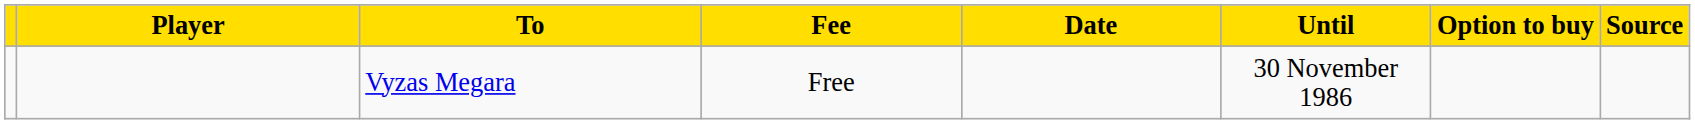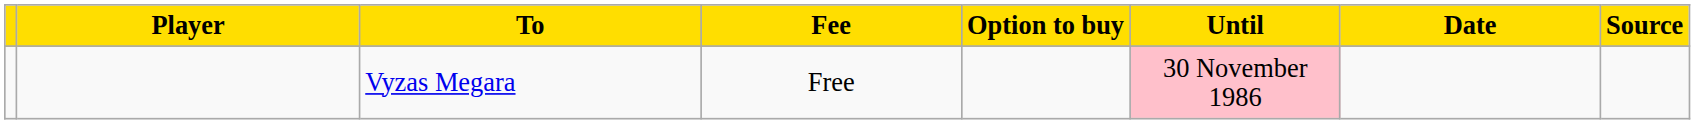 <table class="wikitable sortable">
 <tr>
 <th style="background:#FFDE00"></th>
 <th width=200 style="background:#FFDE00">Player</th>
 <th width=200 style="background:#FFDE00">To</th>
 <th width=150 style="background:#FFDE00">Fee</th>
+<th style="background:#FFDE00">Option to buy</th>
+<th width=120 style="background:#FFDE00">Until</th>
 <th width=150 style="background:#FFDE00">Date</th>
-<th width=120 style="background:#FFDE00">Until</th>
-<th style="background:#FFDE00">Option to buy</th>
 <th style="background:#FFDE00">Source</th>
 </tr>
 <tr>
 <td align=center></td>
 <td></td>
 <td> <a href='#'>Vyzas Megara</a></td>
 <td align=center>Free</td>
 <td align=center></td>
-<td align=center>30 November 1986</td>
+<td align=center style="background: pink;">30 November 1986</td>
 <td align=center></td>
 <td align=center></td>
 </tr>
 </table>
